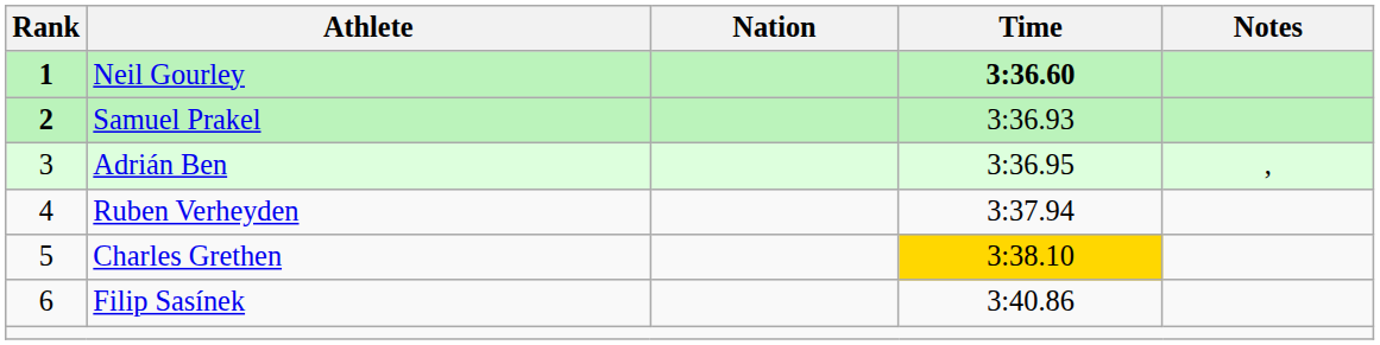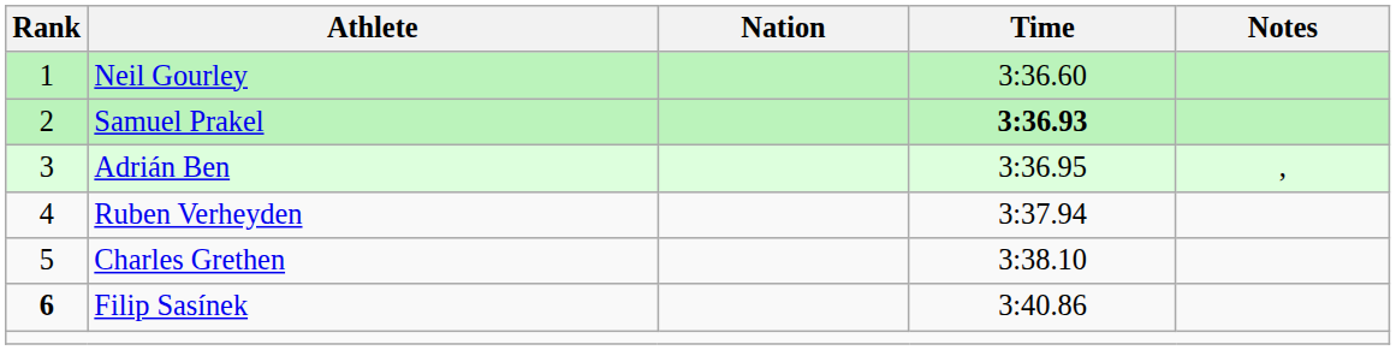 <table class="wikitable sortable" style="text-align:center;width: 60%;">
 <tr>
 <th scope="col" style="width: 10px;">Rank</th>
 <th scope="col">Athlete</th>
 <th scope="col">Nation</th>
 <th scope="col">Time</th>
 <th scope="col">Notes</th>
 </tr>
 <tr bgcolor=bbf3bb>
-<td><strong>1</strong></td>
+<td>1</td>
 <td align=left><a href='#'>Neil Gourley</a></td>
 <td align=left></td>
-<td><strong>3:36.60</strong></td>
+<td>3:36.60</td>
 <td></td>
 </tr>
 <tr bgcolor=bbf3bb>
-<td><strong>2</strong></td>
+<td>2</td>
 <td align=left><a href='#'>Samuel Prakel</a></td>
 <td align=left></td>
-<td>3:36.93</td>
+<td><strong>3:36.93</strong></td>
 <td></td>
 </tr>
 <tr bgcolor=ddffdd>
 <td>3</td>
 <td align=left><a href='#'>Adrián Ben</a></td>
 <td align=left></td>
 <td>3:36.95</td>
 <td>, </td>
 </tr>
 <tr>
 <td>4</td>
 <td align=left><a href='#'>Ruben Verheyden</a></td>
 <td align=left></td>
 <td>3:37.94</td>
 <td></td>
 </tr>
 <tr>
 <td>5</td>
 <td align=left><a href='#'>Charles Grethen</a></td>
 <td align=left></td>
-<td style="background: gold;">3:38.10</td>
+<td>3:38.10</td>
 <td></td>
 </tr>
 <tr>
-<td>6</td>
+<td><strong>6</strong></td>
 <td align=left><a href='#'>Filip Sasínek</a></td>
 <td align=left></td>
 <td>3:40.86</td>
 <td></td>
 </tr>
 <tr class="sortbottom">
 <td colspan="5"></td>
 </tr>
 </table>
